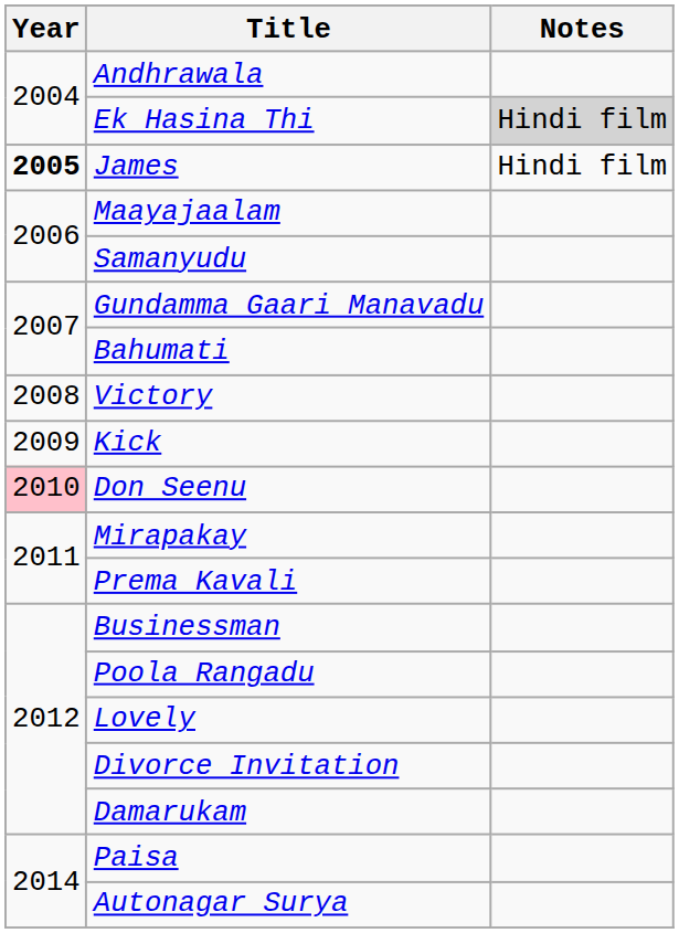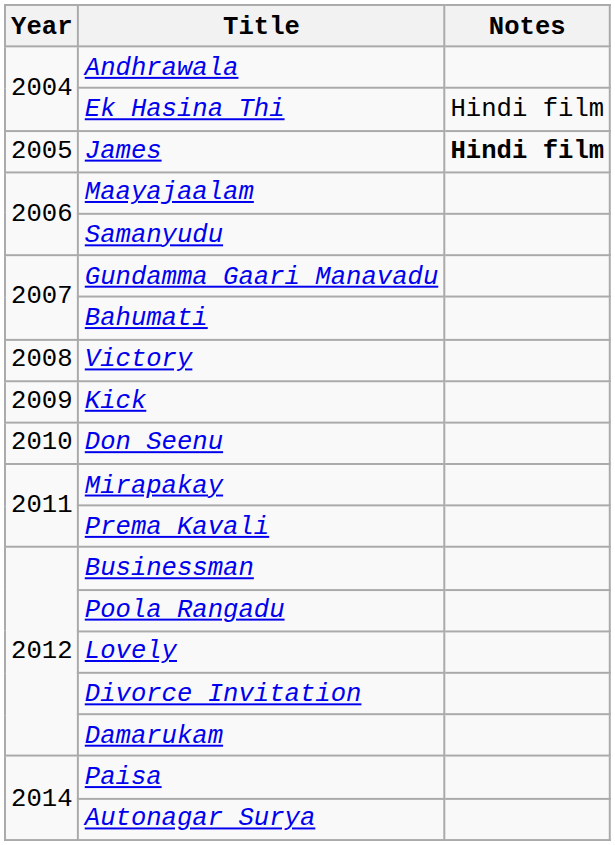 <table class="wikitable">
 <tr>
 <th>Year</th>
 <th>Title</th>
 <th>Notes</th>
 </tr>
 <tr>
 <td rowspan="2">2004</td>
 <td><em><a href='#'>Andhrawala</a></em></td>
 <td></td>
 </tr>
 <tr>
 <td><em><a href='#'>Ek Hasina Thi</a></em></td>
-<td style="background: lightgrey;">Hindi film</td>
+<td>Hindi film</td>
 </tr>
 <tr>
-<td><strong>2005</strong></td>
+<td>2005</td>
 <td><em><a href='#'>James</a></em></td>
-<td>Hindi film</td>
+<td><strong>Hindi film</strong></td>
 </tr>
 <tr>
 <td rowspan="2">2006</td>
 <td><em><a href='#'>Maayajaalam</a></em></td>
 <td></td>
 </tr>
 <tr>
 <td><em><a href='#'>Samanyudu</a></em></td>
 <td></td>
 </tr>
 <tr>
 <td rowspan="2">2007</td>
 <td><em><a href='#'>Gundamma Gaari Manavadu</a></em></td>
 <td></td>
 </tr>
 <tr>
 <td><em><a href='#'>Bahumati</a></em></td>
 <td></td>
 </tr>
 <tr>
 <td>2008</td>
 <td><em><a href='#'>Victory</a></em></td>
 <td></td>
 </tr>
 <tr>
 <td>2009</td>
 <td><em><a href='#'>Kick</a></em></td>
 <td></td>
 </tr>
 <tr>
-<td style="background: pink;">2010</td>
+<td>2010</td>
 <td><em><a href='#'>Don Seenu</a></em></td>
 <td></td>
 </tr>
 <tr>
 <td rowspan="2">2011</td>
 <td><em><a href='#'>Mirapakay</a></em></td>
 <td></td>
 </tr>
 <tr>
 <td><em><a href='#'>Prema Kavali</a></em></td>
 <td></td>
 </tr>
 <tr>
 <td rowspan="5">2012</td>
 <td><em><a href='#'>Businessman</a></em></td>
 <td></td>
 </tr>
 <tr>
 <td><em><a href='#'>Poola Rangadu</a></em></td>
 <td></td>
 </tr>
 <tr>
 <td><em><a href='#'>Lovely</a></em></td>
 <td></td>
 </tr>
 <tr>
 <td><em><a href='#'>Divorce Invitation</a></em></td>
 <td></td>
 </tr>
 <tr>
 <td><em><a href='#'>Damarukam</a></em></td>
 <td></td>
 </tr>
 <tr>
 <td rowspan="2">2014</td>
 <td><em><a href='#'>Paisa</a></em></td>
 <td></td>
 </tr>
 <tr>
 <td><em><a href='#'>Autonagar Surya</a></em></td>
 <td></td>
 </tr>
 <tr>
 </tr>
 </table>
